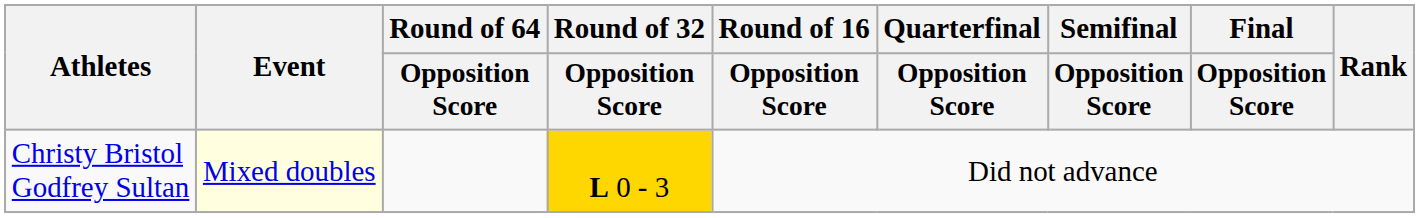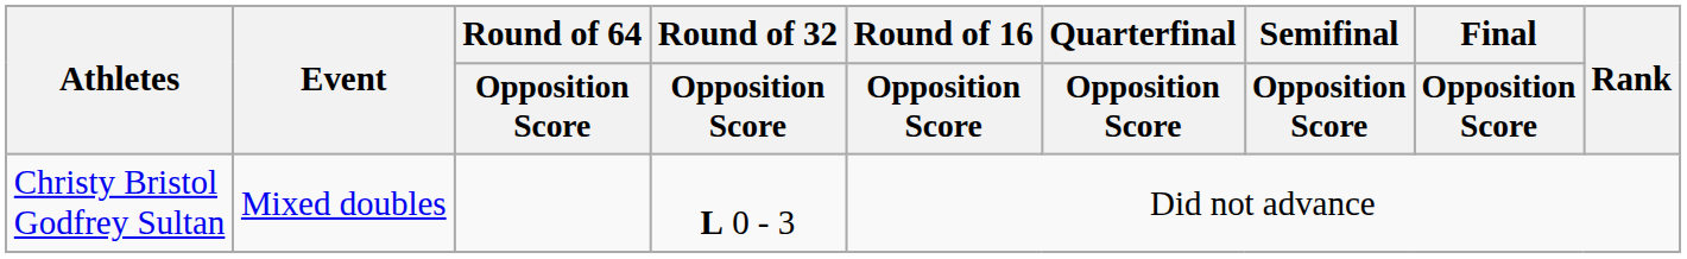 <table class="wikitable" style="font-size:90%">
 <tr>
 <th rowspan=2>Athletes</th>
 <th rowspan=2>Event</th>
 <th>Round of 64</th>
 <th>Round of 32</th>
 <th>Round of 16</th>
 <th>Quarterfinal</th>
 <th>Semifinal</th>
 <th>Final</th>
 <th rowspan=2>Rank</th>
 </tr>
 <tr style="font-size:95%">
 <th>Opposition<br>Score</th>
 <th>Opposition<br>Score</th>
 <th>Opposition<br>Score</th>
 <th>Opposition<br>Score</th>
 <th>Opposition<br>Score</th>
 <th>Opposition<br>Score</th>
 </tr>
 <tr align=center>
 <td align=left><a href='#'>Christy Bristol</a><br><a href='#'>Godfrey Sultan</a></td>
-<td align=left style="background: lightyellow;"><a href='#'>Mixed doubles</a></td>
+<td align=left><a href='#'>Mixed doubles</a></td>
 <td></td>
-<td style="background: gold;"><br><strong>L</strong> 0 - 3</td>
+<td><br><strong>L</strong> 0 - 3</td>
 <td colspan=5>Did not advance</td>
 </tr>
 </table>
